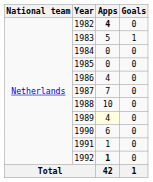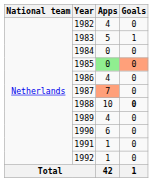 <table class="wikitable" style="text-align:center">
 <tr>
 <th>National team</th>
 <th>Year</th>
 <th>Apps</th>
 <th>Goals</th>
 </tr>
 <tr>
 <td rowspan="11"><a href='#'>Netherlands</a></td>
 <td>1982</td>
-<td><strong>4</strong></td>
+<td>4</td>
 <td>0</td>
 </tr>
 <tr>
 <td>1983</td>
 <td>5</td>
 <td>1</td>
 </tr>
 <tr>
 <td>1984</td>
 <td>0</td>
 <td>0</td>
 </tr>
 <tr>
 <td>1985</td>
-<td>0</td>
-<td>0</td>
+<td style="background: lightgreen;">0</td>
+<td style="background: lightsalmon;">0</td>
 </tr>
 <tr>
 <td>1986</td>
 <td>4</td>
 <td>0</td>
 </tr>
 <tr>
 <td>1987</td>
-<td>7</td>
+<td style="background: lightsalmon;">7</td>
 <td>0</td>
 </tr>
 <tr>
 <td>1988</td>
 <td>10</td>
-<td>0</td>
+<td><strong>0</strong></td>
 </tr>
 <tr>
 <td>1989</td>
-<td style="background: lightyellow;">4</td>
+<td>4</td>
 <td>0</td>
 </tr>
 <tr>
 <td>1990</td>
 <td>6</td>
 <td>0</td>
 </tr>
 <tr>
 <td>1991</td>
 <td>1</td>
 <td>0</td>
 </tr>
 <tr>
 <td>1992</td>
-<td><strong>1</strong></td>
+<td>1</td>
 <td>0</td>
 </tr>
 <tr>
 <th colspan="2">Total</th>
 <th>42</th>
 <th>1</th>
 </tr>
 </table>
